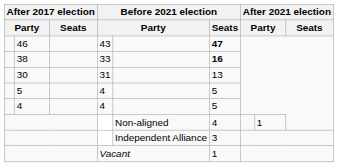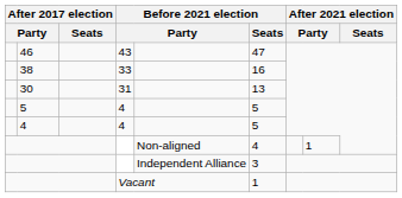 <table class="wikitable">
 <tr>
 <th colspan="3">After 2017 election</th>
 <th colspan="3">Before 2021 election</th>
 <th colspan="3">After 2021 election</th>
 </tr>
 <tr>
 <th colspan="2">Party</th>
 <th>Seats</th>
 <th colspan="2">Party</th>
 <th>Seats</th>
 <th colspan="2">Party</th>
 <th>Seats</th>
 </tr>
 <tr>
 <td></td>
 <td>46</td>
 <td></td>
 <td>43</td>
 <td></td>
-<td><strong>47</strong></td>
+<td>47</td>
 </tr>
 <tr>
 <td></td>
 <td>38</td>
 <td></td>
 <td>33</td>
 <td></td>
-<td><strong>16</strong></td>
+<td>16</td>
 </tr>
 <tr>
 <td></td>
 <td>30</td>
 <td></td>
 <td>31</td>
 <td></td>
 <td>13</td>
 </tr>
 <tr>
 <td></td>
 <td>5</td>
 <td></td>
 <td>4</td>
 <td></td>
 <td>5</td>
 </tr>
 <tr>
 <td></td>
 <td>4</td>
 <td></td>
 <td>4</td>
 <td></td>
 <td>5</td>
 </tr>
 <tr>
 <td colspan="3"></td>
 <td style="background-color: #FFFFFF"></td>
 <td>Non-aligned</td>
 <td>4</td>
 <td></td>
 <td>1</td>
 </tr>
 <tr>
 <td colspan="3"></td>
 <td style="background-color: #FFFFFF"></td>
 <td>Independent Alliance</td>
 <td>3</td>
 <td colspan="3"></td>
 </tr>
 <tr>
 <td colspan="3"></td>
 <td colspan="2"><em>Vacant</em></td>
 <td>1</td>
 <td colspan="3"></td>
 </tr>
 </table>
